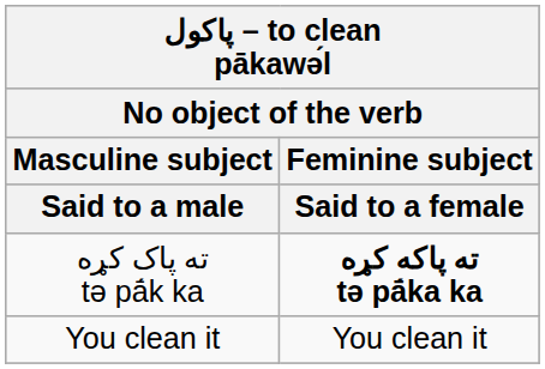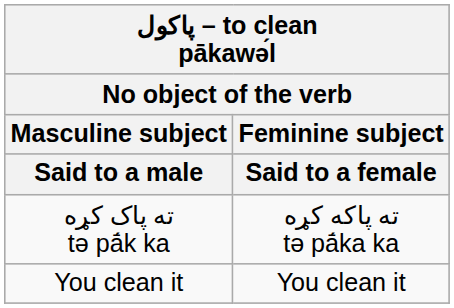 <table class="wikitable" style="text-align: center">
 <tr>
 <th colspan="2">پاکول – to clean<br>pākawә́l</th>
 </tr>
 <tr>
 <th colspan="2">No object of the verb</th>
 </tr>
 <tr>
 <th>Masculine subject</th>
 <th>Feminine subject</th>
 </tr>
 <tr>
 <th>Said to a male</th>
 <th>Said to a female</th>
 </tr>
 <tr>
 <td>ته پاک کړه<br>tә pā́k ka</td>
-<td><strong>ته پاکه کړه<br>tә pā́ka ka</strong></td>
+<td>ته پاکه کړه<br>tә pā́ka ka</td>
 </tr>
 <tr>
 <td>You clean it</td>
 <td>You clean it</td>
 </tr>
 </table>
